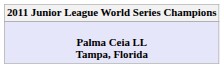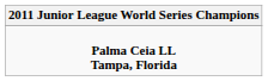 <table class="wikitable" style="text-align: center; margin: 0 auto;">
 <tr>
 <th>2011 Junior League World Series Champions</th>
 </tr>
 <tr>
 </tr>
 <tr>
-<td style="background: lavender;"><br><strong>Palma Ceia LL</strong><br><strong>Tampa, Florida</strong></td>
+<td><br><strong>Palma Ceia LL</strong><br><strong>Tampa, Florida</strong></td>
 </tr>
 </table>
